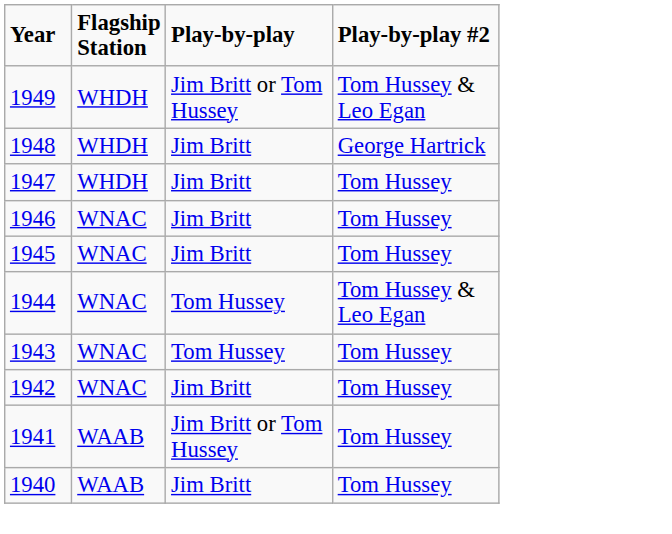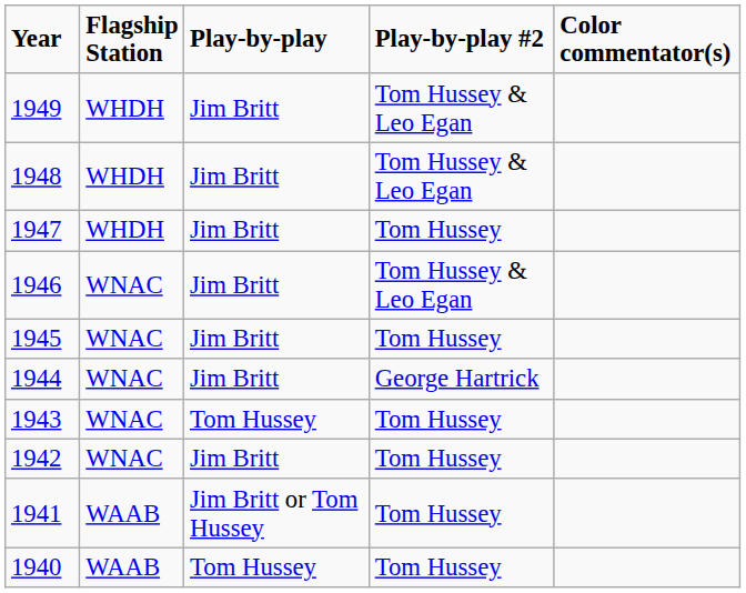 <table class="wikitable">
 <tr>
 <td width="40"><strong>Year</strong></td>
 <td width="40"><strong>Flagship Station</strong></td>
 <td width="110"><strong>Play-by-play</strong></td>
 <td width="110"><strong>Play-by-play #2</strong></td>
+<td width="110"><strong>Color commentator(s)</strong></td>
 </tr>
 <tr>
 <td><a href='#'>1949</a></td>
 <td><a href='#'>WHDH</a></td>
-<td><a href='#'>Jim Britt</a> or <a href='#'>Tom Hussey</a></td>
+<td><a href='#'>Jim Britt</a></td>
 <td><a href='#'>Tom Hussey</a> & <a href='#'>Leo Egan</a></td>
+<td></td>
 </tr>
 <tr>
 <td><a href='#'>1948</a></td>
 <td><a href='#'>WHDH</a></td>
 <td><a href='#'>Jim Britt</a></td>
-<td><a href='#'>George Hartrick</a></td>
+<td><a href='#'>Tom Hussey</a> & <a href='#'>Leo Egan</a></td>
+<td></td>
 </tr>
 <tr>
 <td><a href='#'>1947</a></td>
 <td><a href='#'>WHDH</a></td>
 <td><a href='#'>Jim Britt</a></td>
 <td><a href='#'>Tom Hussey</a></td>
+<td></td>
 </tr>
 <tr>
 <td><a href='#'>1946</a></td>
 <td><a href='#'>WNAC</a></td>
 <td><a href='#'>Jim Britt</a></td>
-<td><a href='#'>Tom Hussey</a></td>
+<td><a href='#'>Tom Hussey</a> & <a href='#'>Leo Egan</a></td>
+<td></td>
 </tr>
 <tr>
 <td><a href='#'>1945</a></td>
 <td><a href='#'>WNAC</a></td>
 <td><a href='#'>Jim Britt</a></td>
 <td><a href='#'>Tom Hussey</a></td>
+<td></td>
 </tr>
 <tr>
 <td><a href='#'>1944</a></td>
 <td><a href='#'>WNAC</a></td>
-<td><a href='#'>Tom Hussey</a></td>
-<td><a href='#'>Tom Hussey</a> & <a href='#'>Leo Egan</a></td>
+<td><a href='#'>Jim Britt</a></td>
+<td><a href='#'>George Hartrick</a></td>
+<td></td>
 </tr>
 <tr>
 <td><a href='#'>1943</a></td>
 <td><a href='#'>WNAC</a></td>
 <td><a href='#'>Tom Hussey</a></td>
 <td><a href='#'>Tom Hussey</a></td>
+<td></td>
 </tr>
 <tr>
 <td><a href='#'>1942</a></td>
 <td><a href='#'>WNAC</a></td>
 <td><a href='#'>Jim Britt</a></td>
 <td><a href='#'>Tom Hussey</a></td>
+<td></td>
 </tr>
 <tr>
 <td><a href='#'>1941</a></td>
 <td><a href='#'>WAAB</a></td>
 <td><a href='#'>Jim Britt</a> or <a href='#'>Tom Hussey</a></td>
 <td><a href='#'>Tom Hussey</a></td>
+<td></td>
 </tr>
 <tr>
 <td><a href='#'>1940</a></td>
 <td><a href='#'>WAAB</a></td>
-<td><a href='#'>Jim Britt</a></td>
 <td><a href='#'>Tom Hussey</a></td>
+<td><a href='#'>Tom Hussey</a></td>
+<td></td>
 </tr>
 </table>
